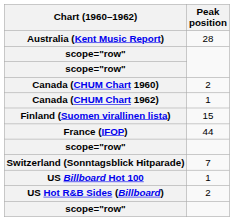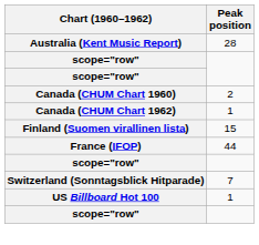 <table class="wikitable sortable plainrowheaders" style="text-align:center">
 <tr>
 <th>Chart (1960–1962)</th>
 <th>Peak<br>position</th>
 </tr>
 <tr>
 <th scope="row">Australia (<a href='#'>Kent Music Report</a>)</th>
 <td>28</td>
 </tr>
 <tr>
 <th>scope="row"</th>
 </tr>
 <tr>
 <th>scope="row"</th>
 </tr>
 <tr>
 <th scope="row">Canada (<a href='#'>CHUM Chart</a> 1960)</th>
 <td>2</td>
 </tr>
 <tr>
 <th scope="row">Canada (<a href='#'>CHUM Chart</a> 1962)</th>
 <td>1</td>
 </tr>
 <tr>
 <th scope="row">Finland (<a href='#'>Suomen virallinen lista</a>)</th>
 <td>15</td>
 </tr>
 <tr>
 <th scope="row">France (<a href='#'>IFOP</a>)</th>
 <td>44</td>
 </tr>
 <tr>
 <th>scope="row"</th>
 </tr>
 <tr>
 <th scope="row">Switzerland (Sonntagsblick Hitparade)</th>
 <td>7</td>
 </tr>
 <tr>
 <th scope="row">US <a href='#'><em>Billboard</em> Hot 100</a></th>
 <td>1</td>
 </tr>
 <tr>
-<th scope="row">US <a href='#'>Hot R&B Sides</a> (<em><a href='#'>Billboard</a></em>)</th>
-<td>2</td>
-</tr>
-<tr>
 <th>scope="row"</th>
 </tr>
 </table>
